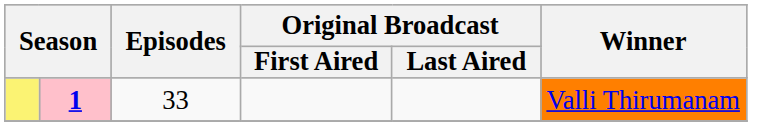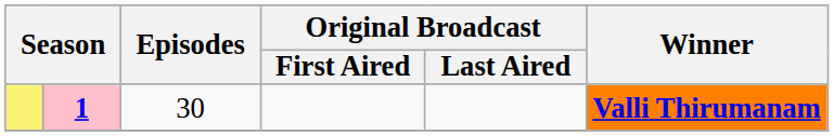 <table class="wikitable" style="text-align:center">
 <tr>
 <th style="padding: 0 8px" colspan="2" rowspan="2">Season</th>
 <th style="padding: 0 8px" rowspan="2">Episodes</th>
 <th colspan="2">Original Broadcast</th>
 <th rowspan="2">Winner</th>
 </tr>
 <tr>
 <th style="padding: 0 8px">First Aired</th>
 <th style="padding: 0 8px">Last Aired</th>
 </tr>
 <tr>
 <td style="background:#FBF373"></td>
 <td align="center" style="background: pink;"><strong><a href='#'>1</a></strong></td>
-<td align="center">33</td>
+<td align="center">30</td>
 <td align="center"></td>
 <td></td>
-<td style="background:#FF7F00;"><a href='#'>Valli Thirumanam</a></td>
+<td style="background:#FF7F00;"><strong><a href='#'>Valli Thirumanam</a></strong></td>
 </tr>
 <tr>
 </tr>
 </table>
